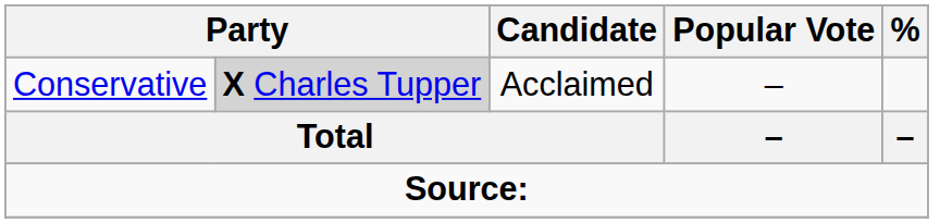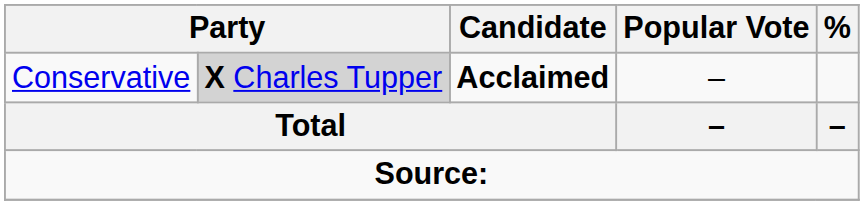 <table class="wikitable">
 <tr>
 <th colspan="2">Party</th>
 <th>Candidate</th>
 <th>Popular Vote</th>
 <th>%</th>
 </tr>
 <tr>
 <td><a href='#'>Conservative</a></td>
 <td style="background: lightgrey;"> <strong>X</strong> <a href='#'>Charles Tupper</a></td>
-<td align=center>Acclaimed</td>
+<td align=center><strong>Acclaimed</strong></td>
 <td align=center>–</td>
 </tr>
 <tr>
 <th colspan=3 align=center>Total</th>
 <th align=right>–</th>
 <th align=right>–</th>
 </tr>
 <tr>
 <td align="center" colspan=5><strong>Source:</strong> </td>
 </tr>
 <tr>
 </tr>
 </table>
